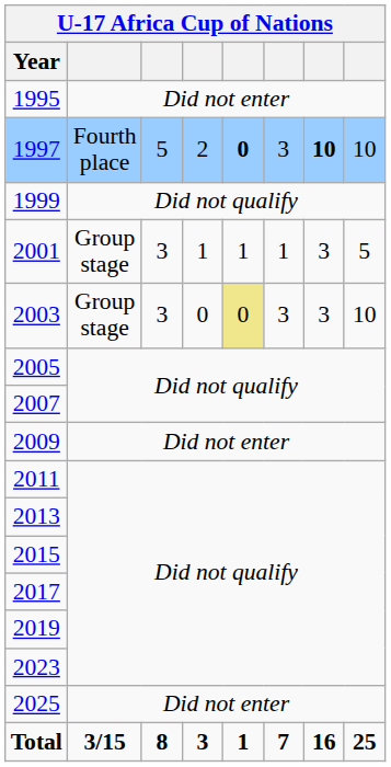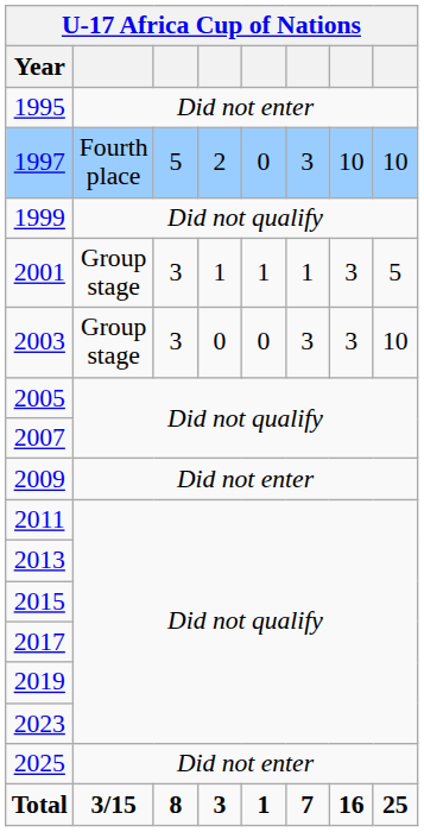 <table class="wikitable" style="text-align: center;">
 <tr>
 <th colspan=9><a href='#'>U-17 Africa Cup of Nations</a></th>
 </tr>
 <tr>
 <th>Year</th>
 <th width=20></th>
 <th width=20></th>
 <th width=20></th>
 <th width=20></th>
 <th width=20></th>
 <th width=20></th>
 <th width=20></th>
 </tr>
 <tr>
 <td> <a href='#'>1995</a></td>
 <td colspan=7><em>Did not enter</em></td>
 </tr>
 <tr bgcolor=#9acdff>
 <td> <a href='#'>1997</a></td>
 <td>Fourth place</td>
 <td>5</td>
 <td>2</td>
-<td><strong>0</strong></td>
+<td>0</td>
 <td>3</td>
-<td><strong>10</strong></td>
+<td>10</td>
 <td>10</td>
 </tr>
 <tr>
 <td> <a href='#'>1999</a></td>
 <td colspan=7><em>Did not qualify</em></td>
 </tr>
 <tr>
 <td> <a href='#'>2001</a></td>
 <td>Group stage</td>
 <td>3</td>
 <td>1</td>
 <td>1</td>
 <td>1</td>
 <td>3</td>
 <td>5</td>
 </tr>
 <tr>
 <td> <a href='#'>2003</a></td>
 <td>Group stage</td>
 <td>3</td>
 <td>0</td>
-<td style="background: khaki;">0</td>
+<td>0</td>
 <td>3</td>
 <td>3</td>
 <td>10</td>
 </tr>
 <tr>
 <td> <a href='#'>2005</a></td>
 <td colspan=7 rowspan=2><em>Did not qualify</em></td>
 </tr>
 <tr>
 <td> <a href='#'>2007</a></td>
 </tr>
 <tr>
 <td> <a href='#'>2009</a></td>
 <td colspan=7><em>Did not enter</em></td>
 </tr>
 <tr>
 <td> <a href='#'>2011</a></td>
 <td colspan=7 rowspan=6><em>Did not qualify</em></td>
 </tr>
 <tr>
 <td> <a href='#'>2013</a></td>
 </tr>
 <tr>
 <td> <a href='#'>2015</a></td>
 </tr>
 <tr>
 <td> <a href='#'>2017</a></td>
 </tr>
 <tr>
 <td> <a href='#'>2019</a></td>
 </tr>
 <tr>
 <td> <a href='#'>2023</a></td>
 </tr>
 <tr>
 <td> <a href='#'>2025</a></td>
 <td colspan=7><em>Did not enter</em></td>
 </tr>
 <tr>
 <td><strong>Total</strong></td>
 <td><strong>3/15</strong></td>
 <td><strong>8</strong></td>
 <td><strong>3</strong></td>
 <td><strong>1</strong></td>
 <td><strong>7</strong></td>
 <td><strong>16</strong></td>
 <td><strong>25</strong></td>
 </tr>
 </table>
